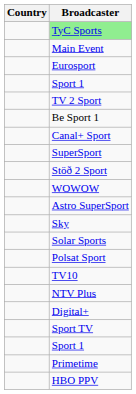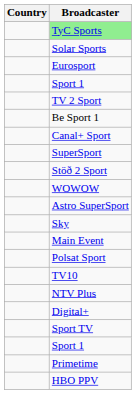 <table class="wikitable">
 <tr>
 <th align=center>Country</th>
 <th align=center>Broadcaster</th>
 </tr>
 <tr>
 <td align=left></td>
 <td style="background: lightgreen;"><a href='#'>TyC Sports</a></td>
 </tr>
 <tr>
 <td></td>
-<td><a href='#'>Main Event</a></td>
+<td><a href='#'>Solar Sports</a></td>
 </tr>
 <tr>
 <td></td>
 <td><a href='#'>Eurosport</a></td>
 </tr>
 <tr>
 <td></td>
 <td><a href='#'>Sport 1</a></td>
 </tr>
 <tr>
 <td></td>
 <td><a href='#'>TV 2 Sport</a></td>
 </tr>
 <tr>
 <td></td>
 <td>Be Sport 1</td>
 </tr>
 <tr>
 <td></td>
 <td><a href='#'>Canal+ Sport</a></td>
 </tr>
 <tr>
 <td></td>
 <td><a href='#'>SuperSport</a></td>
 </tr>
 <tr>
 <td></td>
 <td><a href='#'>Stöð 2 Sport</a></td>
 </tr>
 <tr>
 <td></td>
 <td><a href='#'>WOWOW</a></td>
 </tr>
 <tr>
 <td></td>
 <td><a href='#'>Astro SuperSport</a></td>
 </tr>
 <tr>
 <td></td>
 <td><a href='#'>Sky</a></td>
 </tr>
 <tr>
 <td></td>
-<td><a href='#'>Solar Sports</a></td>
+<td><a href='#'>Main Event</a></td>
 </tr>
 <tr>
 <td></td>
 <td><a href='#'>Polsat Sport</a></td>
 </tr>
 <tr>
 <td></td>
 <td><a href='#'>TV10</a></td>
 </tr>
 <tr>
 <td></td>
 <td><a href='#'>NTV Plus</a></td>
 </tr>
 <tr>
 <td></td>
 <td><a href='#'>Digital+</a></td>
 </tr>
 <tr>
 <td></td>
 <td><a href='#'>Sport TV</a></td>
 </tr>
 <tr>
 <td></td>
 <td><a href='#'>Sport 1</a></td>
 </tr>
 <tr>
 <td></td>
 <td><a href='#'>Primetime</a></td>
 </tr>
 <tr>
 <td></td>
 <td><a href='#'>HBO PPV</a></td>
 </tr>
 </table>
